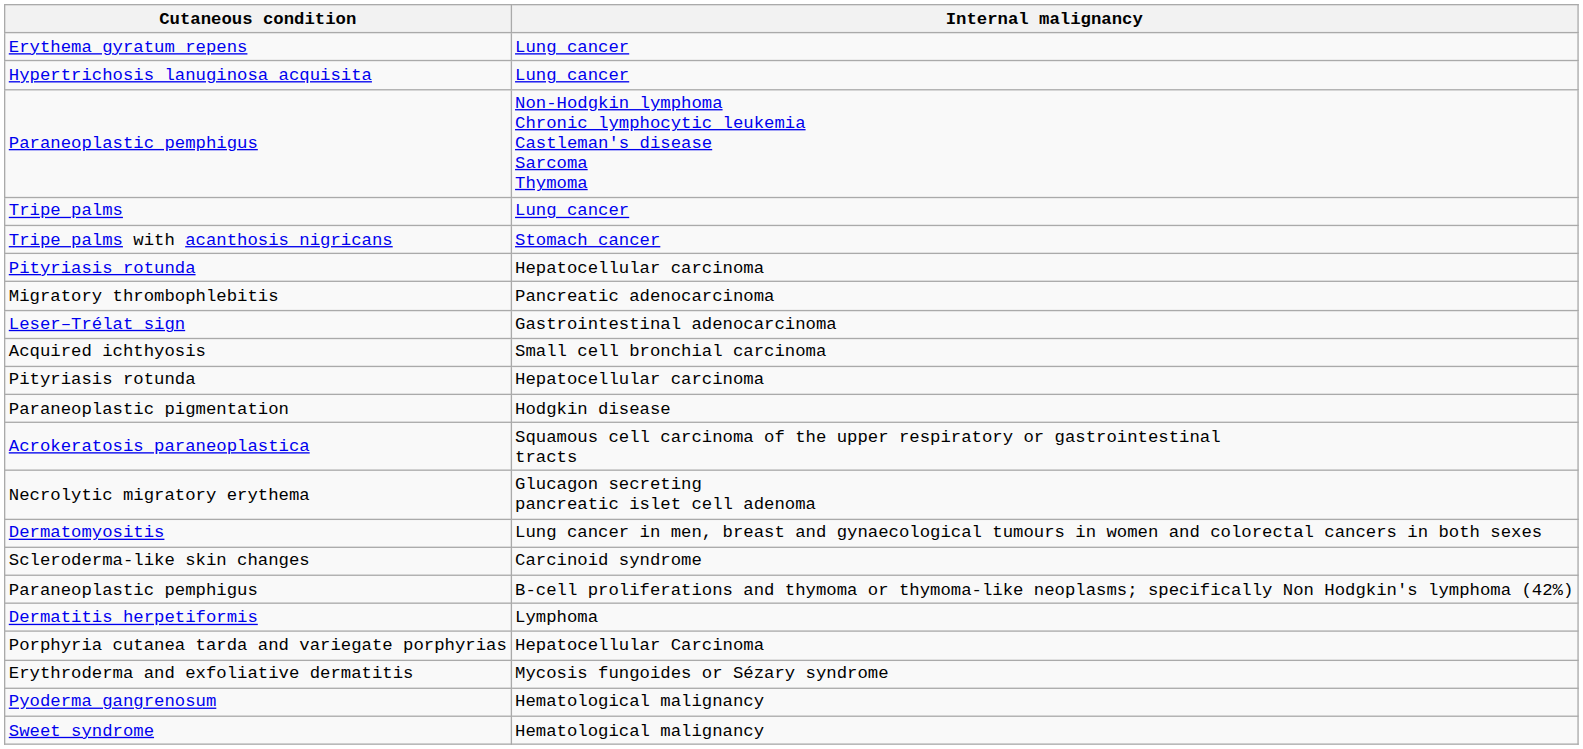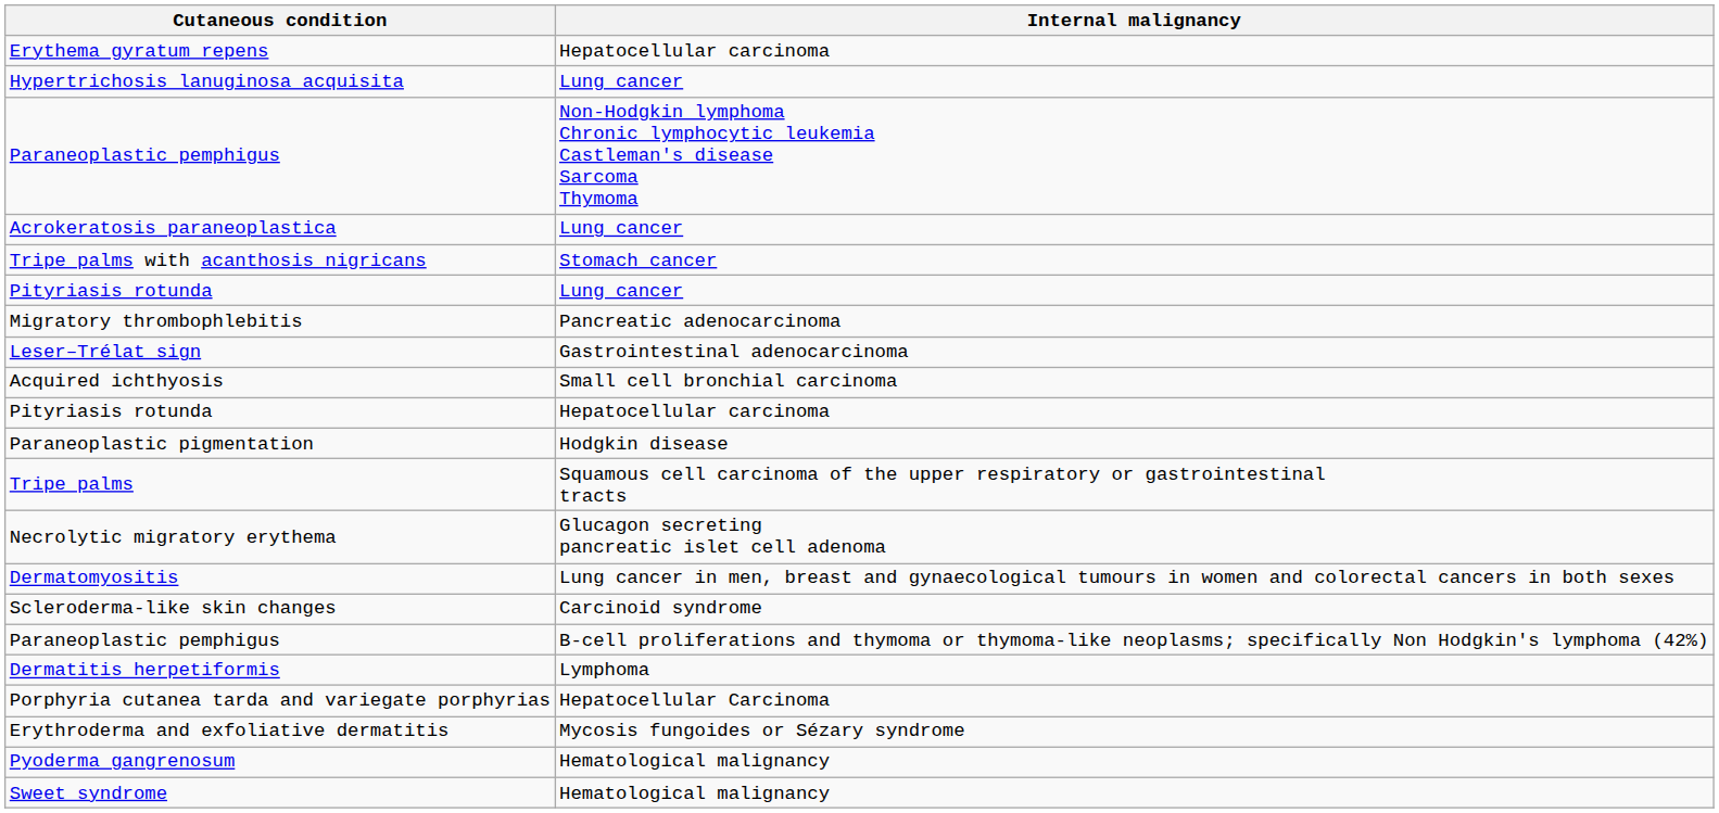 <table class="wikitable">
 <tr>
 <th>Cutaneous condition</th>
 <th>Internal malignancy</th>
 </tr>
 <tr>
 <td><a href='#'>Erythema gyratum repens</a></td>
-<td><a href='#'>Lung cancer</a></td>
+<td>Hepatocellular carcinoma</td>
 </tr>
 <tr>
 <td><a href='#'>Hypertrichosis lanuginosa acquisita</a></td>
 <td><a href='#'>Lung cancer</a></td>
 </tr>
 <tr>
 <td><a href='#'>Paraneoplastic pemphigus</a></td>
 <td><a href='#'>Non-Hodgkin lymphoma</a><br><a href='#'>Chronic lymphocytic leukemia</a><br><a href='#'>Castleman's disease</a><br><a href='#'>Sarcoma</a><br><a href='#'>Thymoma</a></td>
 </tr>
 <tr>
-<td><a href='#'>Tripe palms</a></td>
+<td><a href='#'>Acrokeratosis paraneoplastica</a></td>
 <td><a href='#'>Lung cancer</a></td>
 </tr>
 <tr>
 <td><a href='#'>Tripe palms</a> with <a href='#'>acanthosis nigricans</a></td>
 <td><a href='#'>Stomach cancer</a></td>
 </tr>
 <tr>
 <td><a href='#'>Pityriasis rotunda</a></td>
-<td>Hepatocellular carcinoma</td>
+<td><a href='#'>Lung cancer</a></td>
 </tr>
 <tr>
 <td>Migratory thrombophlebitis</td>
 <td>Pancreatic adenocarcinoma</td>
 </tr>
 <tr>
 <td><a href='#'>Leser–Trélat sign</a></td>
 <td>Gastrointestinal adenocarcinoma</td>
 </tr>
 <tr>
 <td>Acquired ichthyosis</td>
 <td>Small cell bronchial carcinoma</td>
 </tr>
 <tr>
 <td>Pityriasis rotunda</td>
 <td>Hepatocellular carcinoma</td>
 </tr>
 <tr>
 <td>Paraneoplastic pigmentation</td>
 <td>Hodgkin disease</td>
 </tr>
 <tr>
-<td><a href='#'>Acrokeratosis paraneoplastica</a></td>
+<td><a href='#'>Tripe palms</a></td>
 <td>Squamous cell carcinoma of the upper respiratory or gastrointestinal<br>tracts</td>
 </tr>
 <tr>
 <td>Necrolytic migratory erythema</td>
 <td>Glucagon secreting<br>pancreatic islet cell adenoma</td>
 </tr>
 <tr>
 <td><a href='#'>Dermatomyositis</a></td>
 <td>Lung cancer in men, breast and gynaecological tumours in women and colorectal cancers in both sexes</td>
 </tr>
 <tr>
 <td>Scleroderma‐like skin changes</td>
 <td>Carcinoid syndrome</td>
 </tr>
 <tr>
 <td>Paraneoplastic pemphigus</td>
 <td>B‐cell proliferations and thymoma or thymoma‐like neoplasms; specifically Non Hodgkin's lymphoma (42%)</td>
 </tr>
 <tr>
 <td><a href='#'>Dermatitis herpetiformis</a></td>
 <td>Lymphoma</td>
 </tr>
 <tr>
 <td>Porphyria cutanea tarda and variegate porphyrias</td>
 <td>Hepatocellular Carcinoma</td>
 </tr>
 <tr>
 <td>Erythroderma and exfoliative dermatitis</td>
 <td>Mycosis fungoides or Sézary syndrome</td>
 </tr>
 <tr>
 <td><a href='#'>Pyoderma gangrenosum</a></td>
 <td>Hematological malignancy</td>
 </tr>
 <tr>
 <td><a href='#'>Sweet syndrome</a></td>
 <td>Hematological malignancy</td>
 </tr>
 </table>
